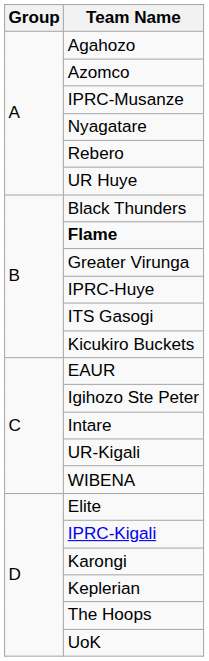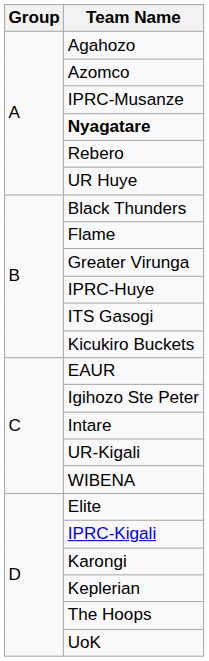 <table class="wikitable">
 <tr>
 <th>Group</th>
 <th>Team Name</th>
 </tr>
 <tr>
 <td rowspan="6">A</td>
 <td>Agahozo</td>
 </tr>
 <tr>
 <td>Azomco</td>
 </tr>
 <tr>
 <td>IPRC-Musanze</td>
 </tr>
 <tr>
-<td>Nyagatare</td>
+<td><strong>Nyagatare</strong></td>
 </tr>
 <tr>
 <td>Rebero</td>
 </tr>
 <tr>
 <td>UR Huye</td>
 </tr>
 <tr>
 <td rowspan="6">B</td>
 <td>Black Thunders</td>
 </tr>
 <tr>
-<td><strong>Flame</strong></td>
+<td>Flame</td>
 </tr>
 <tr>
 <td>Greater Virunga</td>
 </tr>
 <tr>
 <td>IPRC-Huye</td>
 </tr>
 <tr>
 <td>ITS Gasogi</td>
 </tr>
 <tr>
 <td>Kicukiro Buckets</td>
 </tr>
 <tr>
 <td rowspan="5">C</td>
 <td>EAUR</td>
 </tr>
 <tr>
 <td>Igihozo Ste Peter</td>
 </tr>
 <tr>
 <td>Intare</td>
 </tr>
 <tr>
 <td>UR-Kigali</td>
 </tr>
 <tr>
 <td>WIBENA</td>
 </tr>
 <tr>
 <td rowspan="6">D</td>
 <td>Elite</td>
 </tr>
 <tr>
 <td><a href='#'>IPRC-Kigali</a></td>
 </tr>
 <tr>
 <td>Karongi</td>
 </tr>
 <tr>
 <td>Keplerian</td>
 </tr>
 <tr>
 <td>The Hoops</td>
 </tr>
 <tr>
 <td>UoK</td>
 </tr>
 </table>
